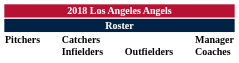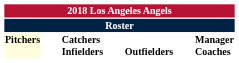 <table class="toccolours" style="font-size: 95%;">
 <tr>
 <th colspan="10" style="background-color: #B71234; color: white; text-align: center;">2018 Los Angeles Angels</th>
 </tr>
 <tr>
 <td colspan="10" style="background-color:#002244; color: white; text-align: center;"><strong>Roster</strong></td>
 </tr>
 <tr>
-<td valign="top"><strong>Pitchers</strong><br>                                 </td>
+<td valign="top" style="background: lightyellow;"><strong>Pitchers</strong><br>                                 </td>
 <td width="25px"></td>
 <td valign="top"><strong>Catchers</strong><br>      <strong>Infielders</strong>             </td>
 <td width="25px"></td>
 <td valign="top"><br><strong>Outfielders</strong>       </td>
 <td width="25px"></td>
 <td valign="top"><strong>Manager</strong><br> <strong>Coaches</strong>                    </td>
 </tr>
 </table>
